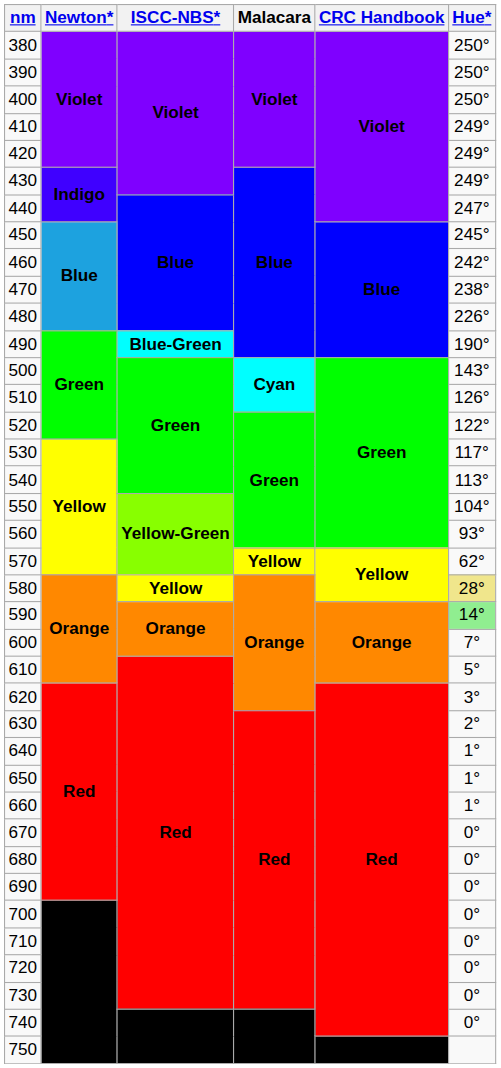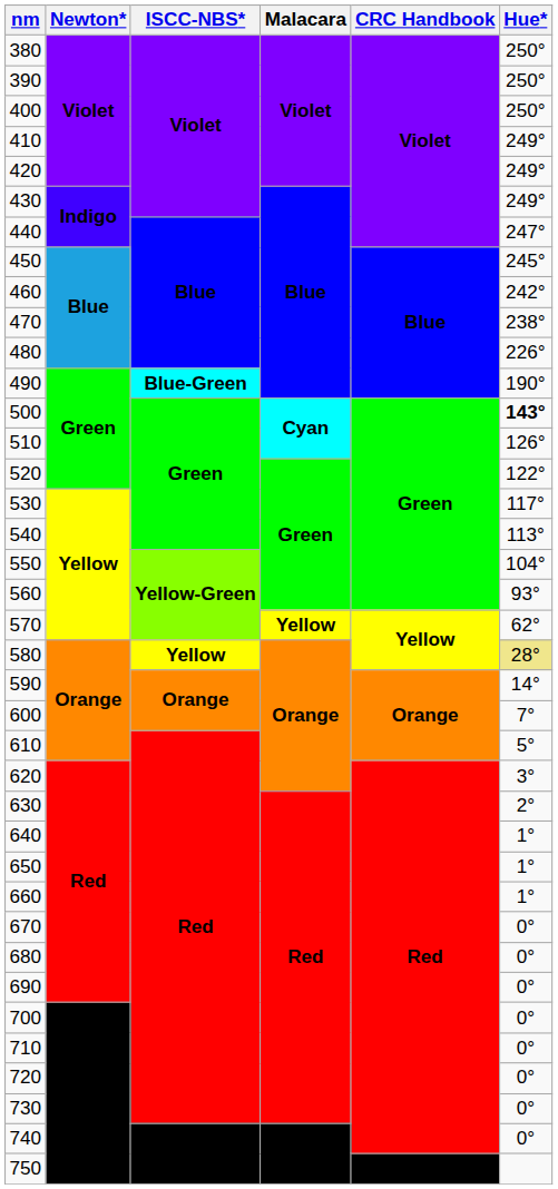 <table class="wikitable" style="text-align: center;">
 <tr>
 <th scope="col"><a href='#'>nm</a></th>
 <th scope="col"><a href='#'>Newton</a><a href='#'><span>*</span></a></th>
 <th scope="col"><a href='#'>ISCC-NBS</a><a href='#'><span>*</span></a></th>
 <th scope="col">Malacara</th>
 <th scope="col"><a href='#'>CRC Handbook</a></th>
 <th scope="col"><a href='#'>Hue</a><a href='#'><span>*</span></a></th>
 </tr>
 <tr>
 <td>380</td>
 <td rowspan="5" bgcolor="#7F00FF"><strong>Violet</strong></td>
 <td rowspan="6" bgcolor="#7F00FF"><strong>Violet</strong></td>
 <td rowspan="5" bgcolor="#7F00FF"><strong>Violet</strong></td>
 <td rowspan="7" bgcolor="#7F00FF"><strong>Violet</strong></td>
 <td>250°</td>
 </tr>
 <tr>
 <td>390</td>
 <td>250°</td>
 </tr>
 <tr>
 <td>400</td>
 <td>250°</td>
 </tr>
 <tr>
 <td>410</td>
 <td>249°</td>
 </tr>
 <tr>
 <td>420</td>
 <td>249°</td>
 </tr>
 <tr>
 <td>430</td>
 <td rowspan="2" bgcolor="#3F00FF"><strong>Indigo</strong></td>
 <td rowspan="7" bgcolor="#0000FF"><strong>Blue</strong></td>
 <td>249°</td>
 </tr>
 <tr>
 <td>440</td>
 <td rowspan="5" bgcolor="#0000FF"><strong>Blue</strong></td>
 <td>247°</td>
 </tr>
 <tr>
 <td>450</td>
 <td rowspan="4" bgcolor="#1DA2DF"><strong>Blue</strong></td>
 <td rowspan="5" bgcolor="#0000FF"><strong>Blue</strong></td>
 <td>245°</td>
 </tr>
 <tr>
 <td>460</td>
 <td>242°</td>
 </tr>
 <tr>
 <td>470</td>
 <td>238°</td>
 </tr>
 <tr>
 <td>480</td>
 <td>226°</td>
 </tr>
 <tr>
 <td>490</td>
 <td rowspan="4" bgcolor="#00FF00"><strong>Green</strong></td>
 <td rowspan="1" bgcolor="#00FFFF"><strong>Blue-Green</strong></td>
 <td>190°</td>
 </tr>
 <tr>
 <td>500</td>
 <td rowspan="5" bgcolor="#00FF00"><strong>Green</strong></td>
 <td rowspan="2" bgcolor="#00FFFF"><strong>Cyan</strong></td>
 <td rowspan="7" bgcolor="#00FF00"><strong>Green</strong></td>
-<td>143°</td>
+<td><strong>143°</strong></td>
 </tr>
 <tr>
 <td>510</td>
 <td>126°</td>
 </tr>
 <tr>
 <td>520</td>
 <td rowspan="5" bgcolor="#00FF00"><strong>Green</strong></td>
 <td>122°</td>
 </tr>
 <tr>
 <td>530</td>
 <td rowspan="5" bgcolor="#FFFF00"><strong>Yellow</strong></td>
 <td>117°</td>
 </tr>
 <tr>
 <td>540</td>
 <td>113°</td>
 </tr>
 <tr>
 <td>550</td>
 <td rowspan="3" bgcolor="#88FF00"><strong>Yellow-Green</strong></td>
 <td>104°</td>
 </tr>
 <tr>
 <td>560</td>
 <td>93°</td>
 </tr>
 <tr>
 <td>570</td>
 <td rowspan="1" bgcolor="#FFFF00"><strong>Yellow</strong></td>
 <td rowspan="2" bgcolor="#FFFF00"><strong>Yellow</strong></td>
 <td>62°</td>
 </tr>
 <tr>
 <td>580</td>
 <td rowspan="4" bgcolor="#FF8800"><strong>Orange</strong></td>
 <td rowspan="1" bgcolor="#FFFF00"><strong>Yellow</strong></td>
 <td rowspan="5" bgcolor="#FF8800"><strong>Orange</strong></td>
 <td style="background: khaki;">28°</td>
 </tr>
 <tr>
 <td>590</td>
 <td rowspan="2" bgcolor="#FF8800"><strong>Orange</strong></td>
 <td rowspan="3" bgcolor="#FF8800"><strong>Orange</strong></td>
-<td style="background: lightgreen;">14°</td>
+<td>14°</td>
 </tr>
 <tr>
 <td>600</td>
 <td>7°</td>
 </tr>
 <tr>
 <td>610</td>
 <td rowspan="13" bgcolor="#FF0000"><strong>Red</strong></td>
 <td>5°</td>
 </tr>
 <tr>
 <td>620</td>
 <td rowspan="8" bgcolor="#FF0000"><strong>Red</strong></td>
 <td rowspan="13" bgcolor="#FF0000"><strong>Red</strong></td>
 <td>3°</td>
 </tr>
 <tr>
 <td>630</td>
 <td rowspan="11" bgcolor="#FF0000"><strong>Red</strong></td>
 <td>2°</td>
 </tr>
 <tr>
 <td>640</td>
 <td>1°</td>
 </tr>
 <tr>
 <td>650</td>
 <td>1°</td>
 </tr>
 <tr>
 <td>660</td>
 <td>1°</td>
 </tr>
 <tr>
 <td>670</td>
 <td>0°</td>
 </tr>
 <tr>
 <td>680</td>
 <td>0°</td>
 </tr>
 <tr>
 <td>690</td>
 <td>0°</td>
 </tr>
 <tr>
 <td>700</td>
 <td rowspan="6" bgcolor="#000000"></td>
 <td>0°</td>
 </tr>
 <tr>
 <td>710</td>
 <td>0°</td>
 </tr>
 <tr>
 <td>720</td>
 <td>0°</td>
 </tr>
 <tr>
 <td>730</td>
 <td>0°</td>
 </tr>
 <tr>
 <td>740</td>
 <td rowspan="2" bgcolor="#000000"></td>
 <td rowspan="2" bgcolor="#000000"></td>
 <td>0°</td>
 </tr>
 <tr>
 <td>750</td>
 <td rowspan="1" bgcolor="#000000"></td>
 <td></td>
 </tr>
 </table>
